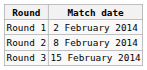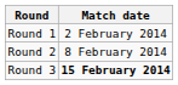 <table class="wikitable" style="text-align:center">
 <tr>
 <th>Round</th>
 <th>Match date</th>
 </tr>
 <tr>
 <td>Round 1</td>
 <td>2 February 2014</td>
 </tr>
 <tr>
 <td>Round 2</td>
 <td>8 February 2014</td>
 </tr>
 <tr>
 <td>Round 3</td>
-<td>15 February 2014</td>
+<td><strong>15 February 2014</strong></td>
 </tr>
 </table>
